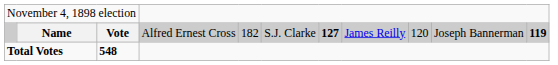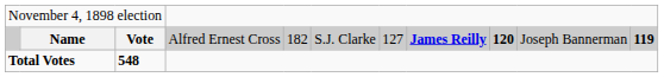 <table class="wikitable">
 <tr>
 <td colspan=3 align=center>November 4, 1898 election</td>
 </tr>
 <tr bgcolor="CCCCCC">
 <td></td>
 <th><strong>Name </strong></th>
 <th><strong>Vote</strong><br></th>
 <td>Alfred Ernest Cross</td>
 <td>182<br></td>
 <td>S.J. Clarke</td>
-<td><strong>127<br></strong></td>
-<td><a href='#'>James Reilly</a></td>
-<td>120<br></td>
+<td>127<br></td>
+<td><strong><a href='#'>James Reilly</a></strong></td>
+<td><strong>120<br></strong></td>
 <td>Joseph Bannerman</td>
 <td><strong>119</strong></td>
 </tr>
 <tr>
 <td colspan=2><strong>Total Votes</strong></td>
 <td><strong>548</strong></td>
 </tr>
 </table>
